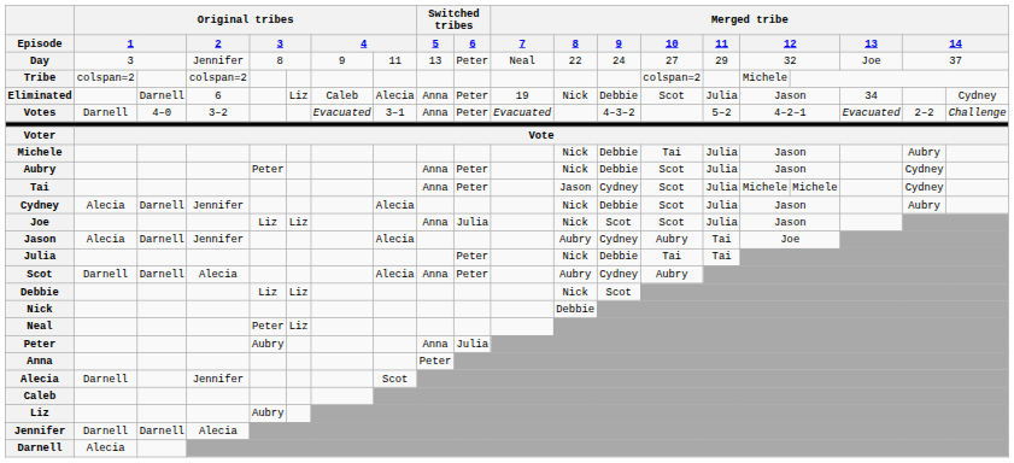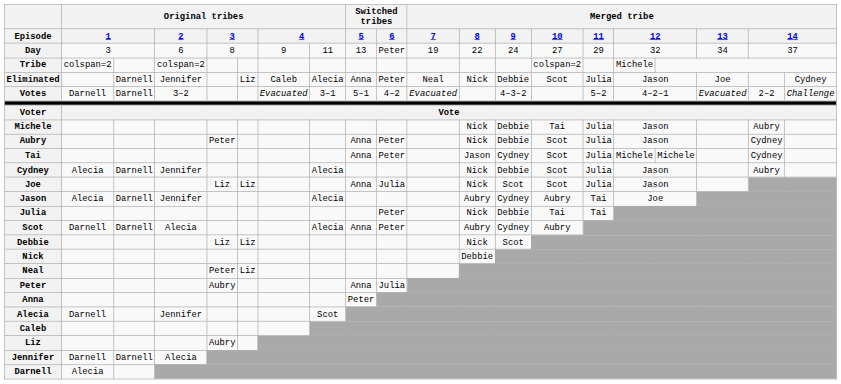 <table class="wikitable" style="text-align:center; width:100%">
 <tr>
 <th></th>
 <th colspan=7>Original tribes</th>
 <th colspan=2>Switched tribes</th>
 <th colspan=10>Merged tribe</th>
 </tr>
 <tr>
 <th>Episode</th>
 <th colspan=2><a href='#'>1</a></th>
 <th><a href='#'>2</a></th>
 <th colspan=2><a href='#'>3</a></th>
 <th colspan=2><a href='#'>4</a></th>
 <th><a href='#'>5</a></th>
 <th><a href='#'>6</a></th>
 <th><a href='#'>7</a></th>
 <th><a href='#'>8</a></th>
 <th><a href='#'>9</a></th>
 <th><a href='#'>10</a></th>
 <th><a href='#'>11</a></th>
 <th colspan=2><a href='#'>12</a></th>
 <th><a href='#'>13</a></th>
 <th colspan=2><a href='#'>14</a></th>
 </tr>
 <tr>
 <th>Day</th>
 <td colspan=2>3</td>
-<td>Jennifer</td>
+<td>6</td>
 <td colspan=2>8</td>
 <td>9</td>
 <td>11</td>
 <td>13</td>
 <td>Peter</td>
-<td>Neal</td>
+<td>19</td>
 <td>22</td>
 <td>24</td>
 <td>27</td>
 <td>29</td>
 <td colspan=2>32</td>
-<td>Joe</td>
+<td>34</td>
 <td colspan=2>37</td>
 </tr>
 <tr>
 <th>Tribe</th>
 <td>colspan=2 </td>
 <td></td>
 <td>colspan=2 </td>
 <td></td>
 <td></td>
 <td></td>
 <td></td>
 <td></td>
 <td></td>
 <td></td>
 <td></td>
 <td></td>
 <td>colspan=2 </td>
 <td></td>
 <td>Michele</td>
 </tr>
 <tr>
 <th>Eliminated</th>
 <td></td>
 <td>Darnell</td>
-<td>6</td>
+<td>Jennifer</td>
 <td></td>
 <td>Liz</td>
 <td>Caleb</td>
 <td>Alecia</td>
 <td>Anna</td>
 <td>Peter</td>
-<td>19</td>
+<td>Neal</td>
 <td>Nick</td>
 <td>Debbie</td>
 <td>Scot</td>
 <td>Julia</td>
 <td colspan=2>Jason</td>
-<td>34</td>
+<td>Joe</td>
 <td></td>
 <td>Cydney</td>
 </tr>
 <tr>
 <th>Votes</th>
 <td>Darnell</td>
-<td>4–0</td>
+<td>Darnell</td>
 <td>3–2</td>
 <td></td>
 <td></td>
 <td><em>Evacuated</em></td>
 <td>3–1</td>
-<td>Anna</td>
-<td>Peter</td>
+<td>5–1</td>
+<td>4–2</td>
 <td><em>Evacuated</em></td>
 <td></td>
 <td>4–3–2</td>
 <td></td>
 <td>5–2</td>
 <td colspan=2>4–2–1</td>
 <td><em>Evacuated</em></td>
 <td>2–2</td>
 <td><em>Challenge</em></td>
 </tr>
 <tr>
 <td bgcolor=black colspan=22></td>
 </tr>
 <tr>
 <th>Voter</th>
 <th colspan=19>Vote</th>
 </tr>
 <tr>
 <th>Michele</th>
 <td></td>
 <td></td>
 <td></td>
 <td></td>
 <td></td>
 <td></td>
 <td></td>
 <td></td>
 <td></td>
 <td></td>
 <td>Nick</td>
 <td>Debbie</td>
 <td>Tai</td>
 <td>Julia</td>
 <td colspan=2>Jason</td>
 <td></td>
 <td>Aubry</td>
 <td></td>
 </tr>
 <tr>
 <th>Aubry</th>
 <td></td>
 <td></td>
 <td></td>
 <td>Peter</td>
 <td></td>
 <td></td>
 <td></td>
 <td>Anna</td>
 <td>Peter</td>
 <td></td>
 <td>Nick</td>
 <td>Debbie</td>
 <td>Scot</td>
 <td>Julia</td>
 <td colspan=2>Jason</td>
 <td></td>
 <td>Cydney</td>
 <td></td>
 </tr>
 <tr>
 <th>Tai</th>
 <td></td>
 <td></td>
 <td></td>
 <td></td>
 <td></td>
 <td></td>
 <td></td>
 <td>Anna</td>
 <td>Peter</td>
 <td></td>
 <td>Jason</td>
 <td>Cydney</td>
 <td>Scot</td>
 <td>Julia</td>
 <td>Michele</td>
 <td>Michele</td>
 <td></td>
 <td>Cydney</td>
 <td></td>
 </tr>
 <tr>
 <th>Cydney</th>
 <td>Alecia</td>
 <td>Darnell</td>
 <td>Jennifer</td>
 <td></td>
 <td></td>
 <td></td>
 <td>Alecia</td>
 <td></td>
 <td></td>
 <td></td>
 <td>Nick</td>
 <td>Debbie</td>
 <td>Scot</td>
 <td>Julia</td>
 <td colspan=2>Jason</td>
 <td></td>
 <td>Aubry</td>
 <td></td>
 </tr>
 <tr>
 <th>Joe</th>
 <td></td>
 <td></td>
 <td></td>
 <td>Liz</td>
 <td>Liz</td>
 <td></td>
 <td></td>
 <td>Anna</td>
 <td>Julia</td>
 <td></td>
 <td>Nick</td>
 <td>Scot</td>
 <td>Scot</td>
 <td>Julia</td>
 <td colspan=2>Jason</td>
 <td></td>
 <td colspan="2" style="background:darkgrey;"></td>
 </tr>
 <tr>
 <th>Jason</th>
 <td>Alecia</td>
 <td>Darnell</td>
 <td>Jennifer</td>
 <td></td>
 <td></td>
 <td></td>
 <td>Alecia</td>
 <td></td>
 <td></td>
 <td></td>
 <td>Aubry</td>
 <td>Cydney</td>
 <td>Aubry</td>
 <td>Tai</td>
 <td colspan=2>Joe</td>
 <td colspan="3" style="background:darkgrey;"></td>
 </tr>
 <tr>
 <th>Julia</th>
 <td></td>
 <td></td>
 <td></td>
 <td></td>
 <td></td>
 <td></td>
 <td></td>
 <td></td>
 <td>Peter</td>
 <td></td>
 <td>Nick</td>
 <td>Debbie</td>
 <td>Tai</td>
 <td>Tai</td>
 <td colspan="6" style="background:darkgrey;"></td>
 </tr>
 <tr>
 <th>Scot</th>
 <td>Darnell</td>
 <td>Darnell</td>
 <td>Alecia</td>
 <td></td>
 <td></td>
 <td></td>
 <td>Alecia</td>
 <td>Anna</td>
 <td>Peter</td>
 <td></td>
 <td>Aubry</td>
 <td>Cydney</td>
 <td>Aubry</td>
 <td colspan="8" style="background:darkgrey;"></td>
 </tr>
 <tr>
 <th>Debbie</th>
 <td></td>
 <td></td>
 <td></td>
 <td>Liz</td>
 <td>Liz</td>
 <td></td>
 <td></td>
 <td></td>
 <td></td>
 <td></td>
 <td>Nick</td>
 <td>Scot</td>
 <td colspan="9" style="background:darkgrey;"></td>
 </tr>
 <tr>
 <th>Nick</th>
 <td></td>
 <td></td>
 <td></td>
 <td></td>
 <td></td>
 <td></td>
 <td></td>
 <td></td>
 <td></td>
 <td></td>
 <td>Debbie</td>
 <td colspan="10" style="background:darkgrey;"></td>
 </tr>
 <tr>
 <th>Neal</th>
 <td></td>
 <td></td>
 <td></td>
 <td>Peter</td>
 <td>Liz</td>
 <td></td>
 <td></td>
 <td></td>
 <td></td>
 <td></td>
 <td colspan="11" style="background:darkgrey;"></td>
 </tr>
 <tr>
 <th>Peter</th>
 <td></td>
 <td></td>
 <td></td>
 <td>Aubry</td>
 <td></td>
 <td></td>
 <td></td>
 <td>Anna</td>
 <td>Julia</td>
 <td colspan="12" style="background:darkgrey;"></td>
 </tr>
 <tr>
 <th>Anna</th>
 <td></td>
 <td></td>
 <td></td>
 <td></td>
 <td></td>
 <td></td>
 <td></td>
 <td>Peter</td>
 <td colspan="13" style="background:darkgrey;"></td>
 </tr>
 <tr>
 <th>Alecia</th>
 <td>Darnell</td>
 <td></td>
 <td>Jennifer</td>
 <td></td>
 <td></td>
 <td></td>
 <td>Scot</td>
 <td colspan="14" style="background:darkgrey;"></td>
 </tr>
 <tr>
 <th>Caleb</th>
 <td></td>
 <td></td>
 <td></td>
 <td></td>
 <td></td>
 <td></td>
 <td colspan="15" style="background:darkgrey;"></td>
 </tr>
 <tr>
 <th>Liz</th>
 <td></td>
 <td></td>
 <td></td>
 <td>Aubry</td>
 <td></td>
 <td colspan="17" style="background:darkgrey;"></td>
 </tr>
 <tr>
 <th>Jennifer</th>
 <td>Darnell</td>
 <td>Darnell</td>
 <td>Alecia</td>
 <td colspan="18" style="background:darkgrey;"></td>
 </tr>
 <tr>
 <th>Darnell</th>
 <td>Alecia</td>
 <td></td>
 <td colspan="19" style="background:darkgrey;"></td>
 </tr>
 </table>
